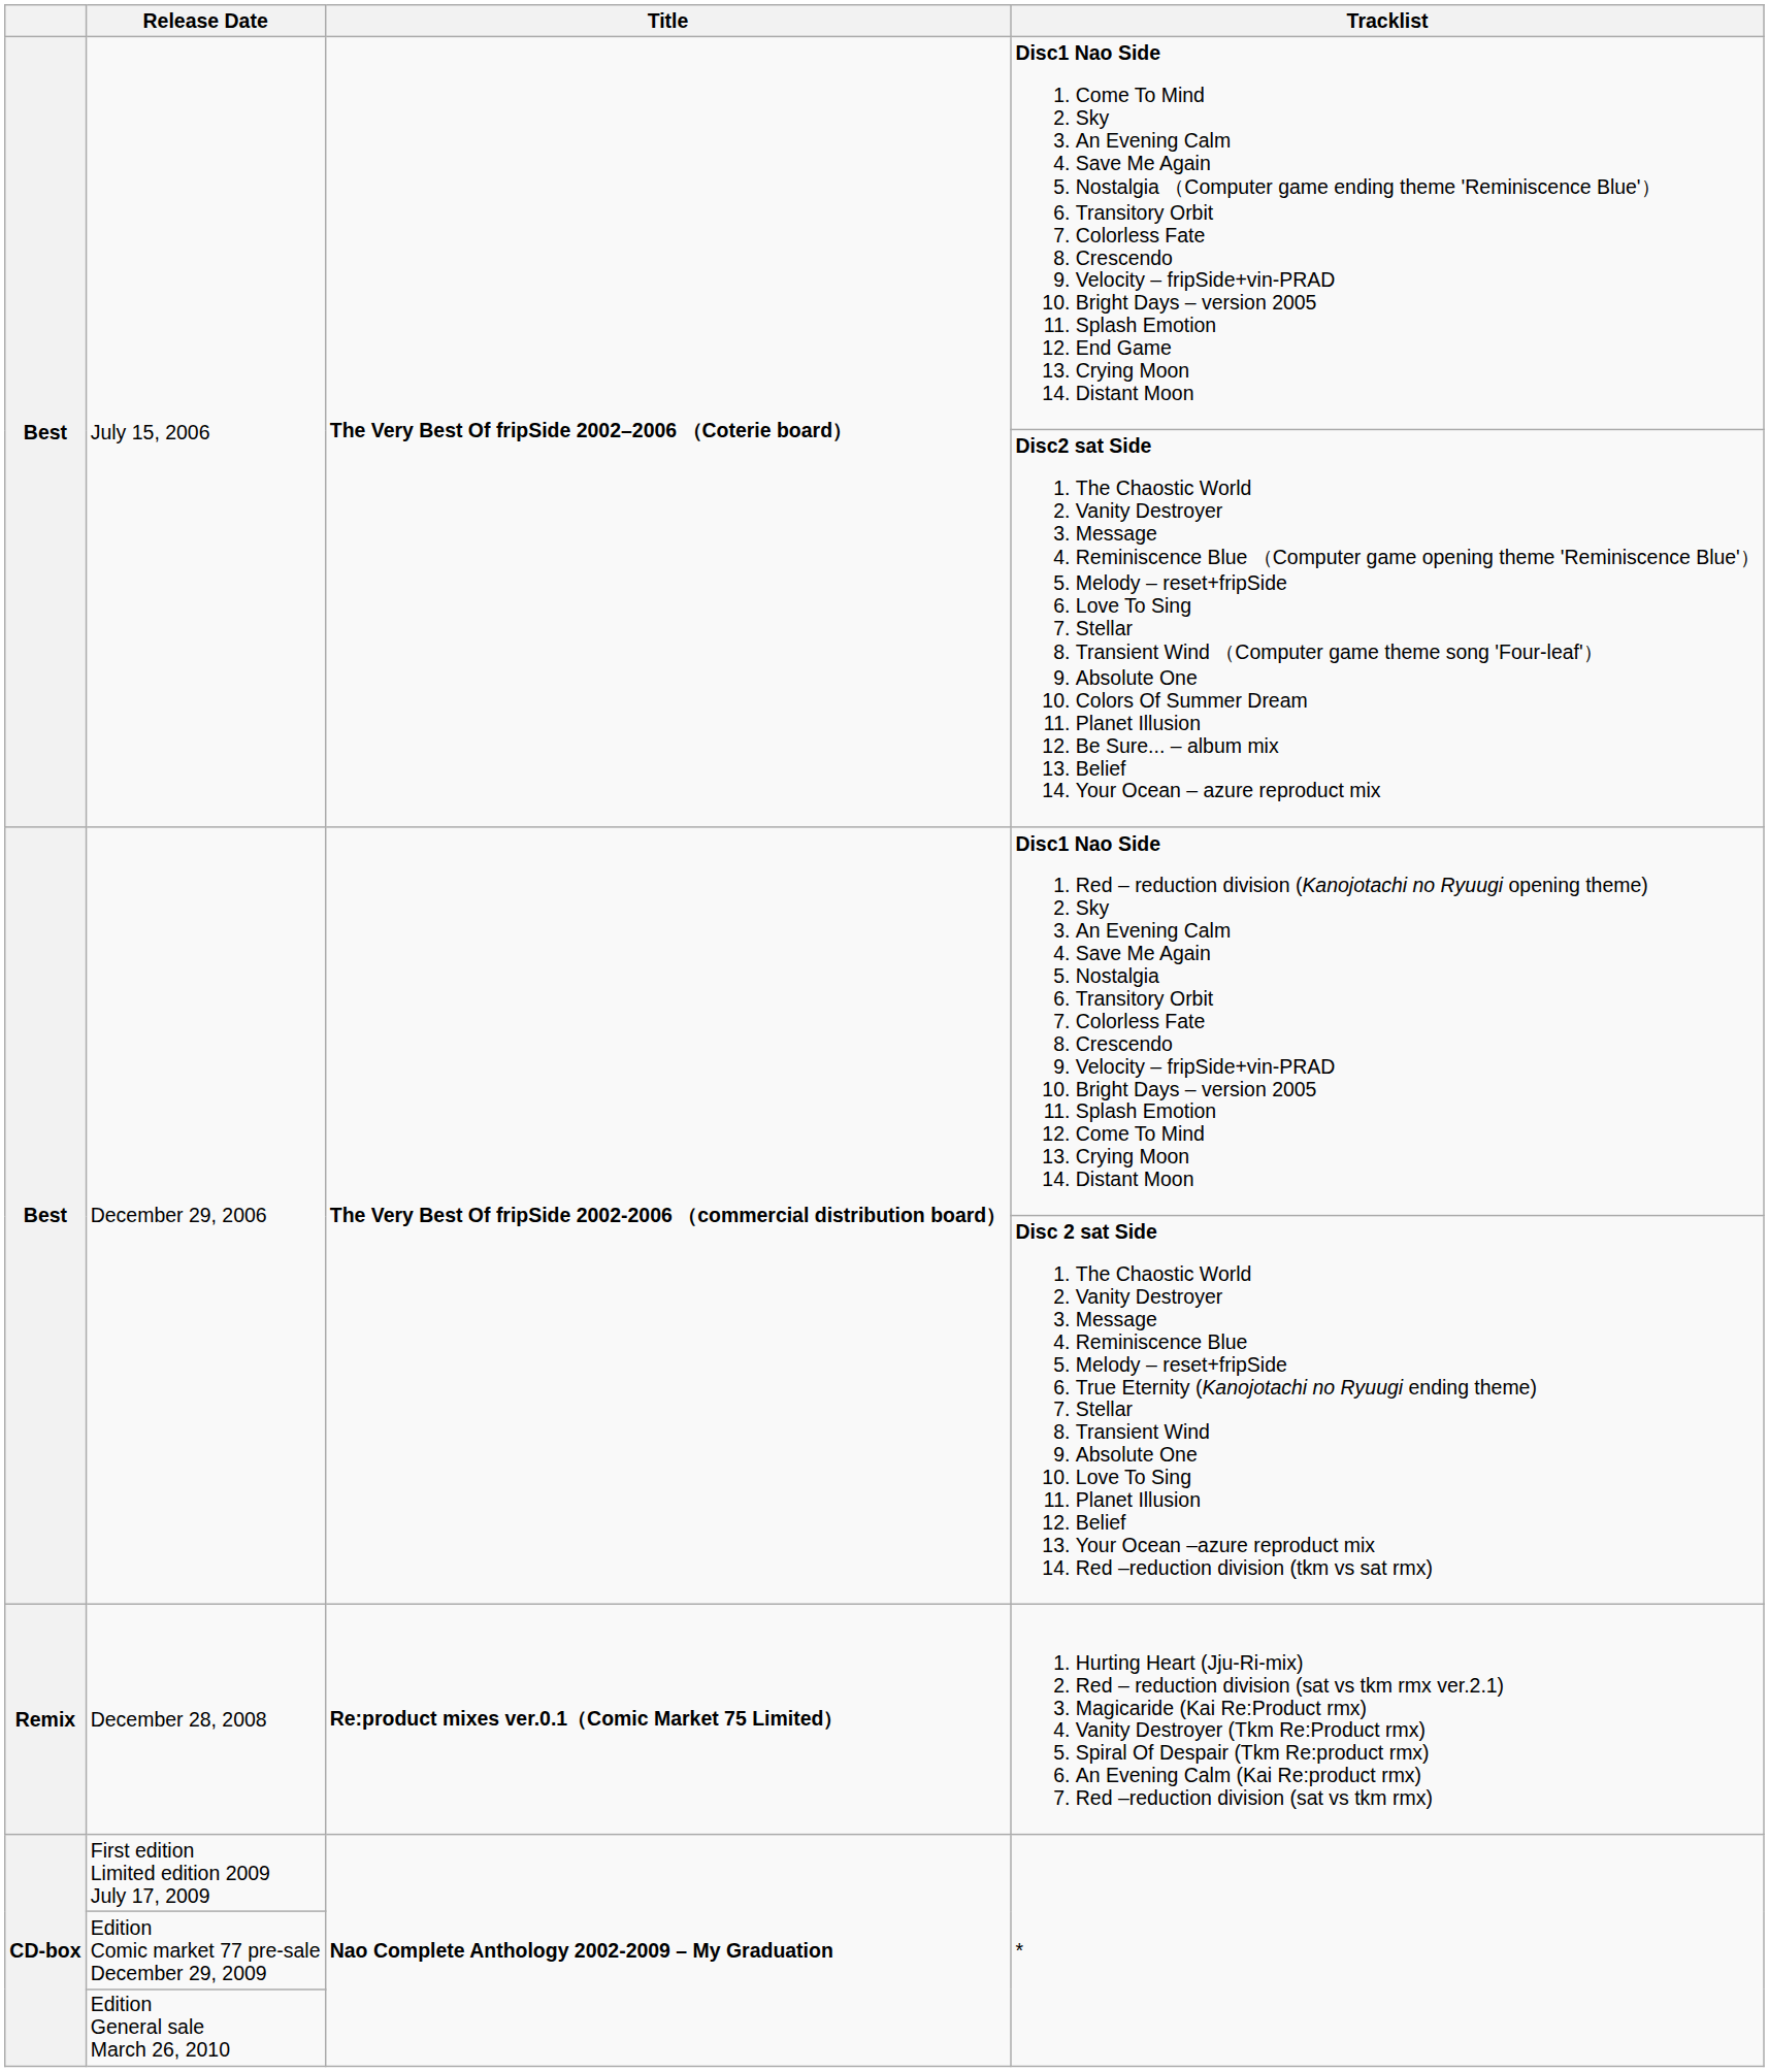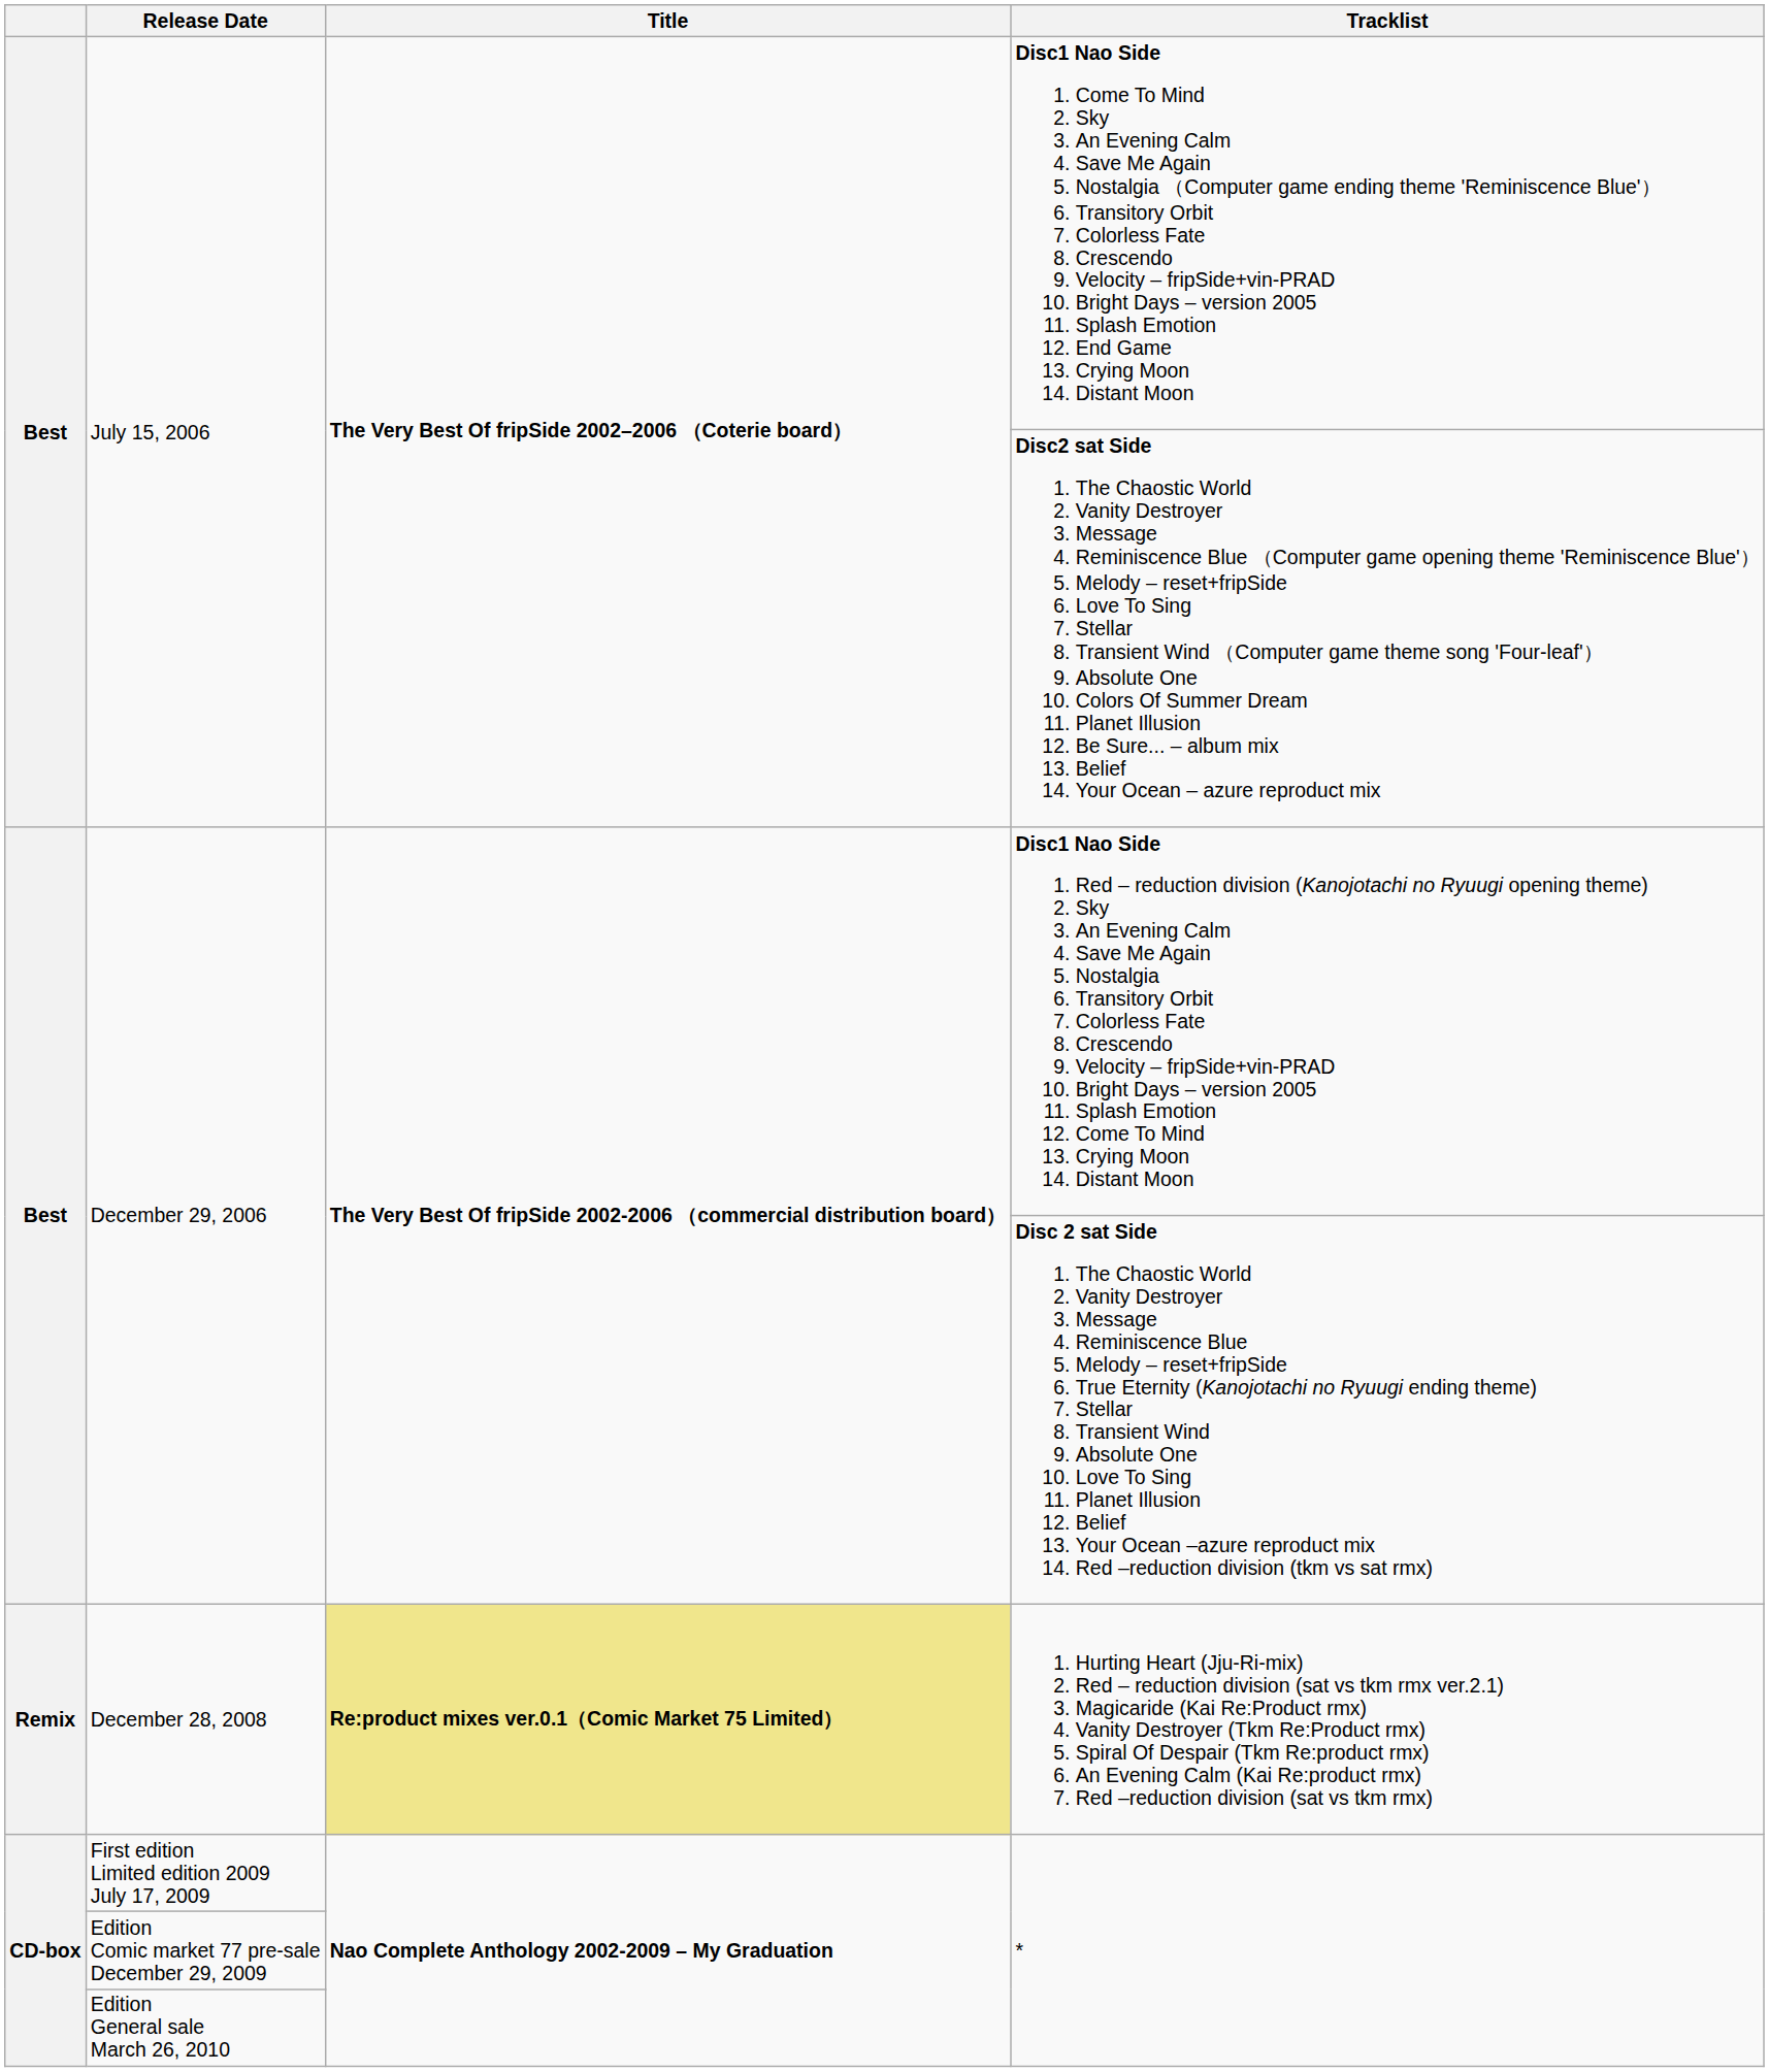 <table class="wikitable" style="font-size:smaller">
 <tr>
 <th> </th>
 <th>Release Date</th>
 <th>Title</th>
 <th>Tracklist</th>
 </tr>
 <tr>
 <th rowspan="2">Best</th>
 <td rowspan="2">July 15, 2006</td>
 <td rowspan="2"><strong>The Very Best Of fripSide 2002–2006 （Coterie board）</strong></td>
 <td><strong>Disc1 Nao Side</strong><br><ol><li>Come To Mind</li><li>Sky</li><li>An Evening Calm</li><li>Save Me Again</li><li>Nostalgia （Computer game ending theme 'Reminiscence Blue'）</li><li>Transitory Orbit</li><li>Colorless Fate</li><li>Crescendo</li><li>Velocity – fripSide+vin-PRAD</li><li>Bright Days – version 2005</li><li>Splash Emotion</li><li>End Game</li><li>Crying Moon</li><li>Distant Moon</li></ol></td>
 </tr>
 <tr>
 <td><strong>Disc2 sat Side</strong><br><ol><li>The Chaostic World</li><li>Vanity Destroyer</li><li>Message</li><li>Reminiscence Blue （Computer game opening theme 'Reminiscence Blue'）</li><li>Melody – reset+fripSide</li><li>Love To Sing</li><li>Stellar</li><li>Transient Wind （Computer game theme song 'Four-leaf'）</li><li>Absolute One</li><li>Colors Of Summer Dream</li><li>Planet Illusion</li><li>Be Sure... – album mix</li><li>Belief</li><li>Your Ocean – azure reproduct mix</li></ol></td>
 </tr>
 <tr>
 <th rowspan="2">Best</th>
 <td rowspan="2">December 29, 2006</td>
 <td rowspan="2"><strong>The Very Best Of fripSide 2002-2006 （commercial distribution board）</strong></td>
 <td><strong>Disc1 Nao Side</strong><br><ol><li>Red – reduction division (<em>Kanojotachi no Ryuugi</em> opening theme)</li><li>Sky</li><li>An Evening Calm</li><li>Save Me Again</li><li>Nostalgia</li><li>Transitory Orbit</li><li>Colorless Fate</li><li>Crescendo</li><li>Velocity – fripSide+vin-PRAD</li><li>Bright Days – version 2005</li><li>Splash Emotion</li><li>Come To Mind</li><li>Crying Moon</li><li>Distant Moon</li></ol></td>
 </tr>
 <tr>
 <td><strong>Disc 2 sat Side</strong><br><ol><li>The Chaostic World</li><li>Vanity Destroyer</li><li>Message</li><li>Reminiscence Blue</li><li>Melody – reset+fripSide</li><li>True Eternity (<em>Kanojotachi no Ryuugi</em> ending theme)</li><li>Stellar</li><li>Transient Wind</li><li>Absolute One</li><li>Love To Sing</li><li>Planet Illusion</li><li>Belief</li><li>Your Ocean –azure reproduct mix</li><li>Red –reduction division (tkm vs sat rmx)</li></ol></td>
 </tr>
 <tr>
 <th>Remix</th>
 <td>December 28, 2008</td>
-<td><strong>Re:product mixes ver.0.1（Comic Market 75 Limited）</strong></td>
+<td style="background: khaki;"><strong>Re:product mixes ver.0.1（Comic Market 75 Limited）</strong></td>
 <td><br><ol><li>Hurting Heart (Jju-Ri-mix)</li><li>Red – reduction division (sat vs tkm rmx ver.2.1)</li><li>Magicaride (Kai Re:Product rmx)</li><li>Vanity Destroyer (Tkm Re:Product rmx)</li><li>Spiral Of Despair (Tkm Re:product rmx)</li><li>An Evening Calm (Kai Re:product rmx)</li><li>Red –reduction division (sat vs tkm rmx)</li></ol></td>
 </tr>
 <tr>
 <th rowspan="3">CD-box</th>
 <td>First edition<br>Limited edition 2009<br>July 17, 2009</td>
 <td rowspan="3"><strong>Nao Complete Anthology 2002-2009 – My Graduation</strong></td>
 <td rowspan="3">* </td>
 </tr>
 <tr>
 <td>Edition<br>Comic market 77 pre-sale<br>December 29, 2009</td>
 </tr>
 <tr>
 <td>Edition<br>General sale<br>March 26, 2010</td>
 </tr>
 </table>
